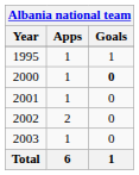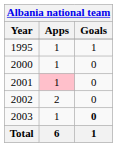 <table class="wikitable" style="text-align:center">
 <tr>
 <th colspan=3><a href='#'>Albania national team</a></th>
 </tr>
 <tr>
 <th>Year</th>
 <th>Apps</th>
 <th>Goals</th>
 </tr>
 <tr>
 </tr>
 <tr>
 <td>1995</td>
 <td>1</td>
 <td>1</td>
 </tr>
 <tr>
 <td>2000</td>
 <td>1</td>
-<td><strong>0</strong></td>
+<td>0</td>
 </tr>
 <tr>
 <td>2001</td>
-<td>1</td>
+<td style="background: pink;">1</td>
 <td>0</td>
 </tr>
 <tr>
 <td>2002</td>
 <td>2</td>
 <td>0</td>
 </tr>
 <tr>
 <td>2003</td>
 <td>1</td>
-<td>0</td>
+<td><strong>0</strong></td>
 </tr>
 <tr>
 <th>Total</th>
 <th>6</th>
 <th>1</th>
 </tr>
 </table>
